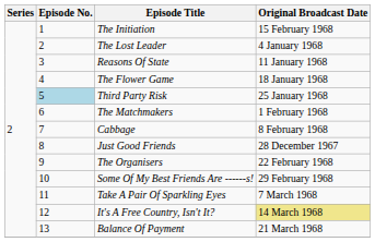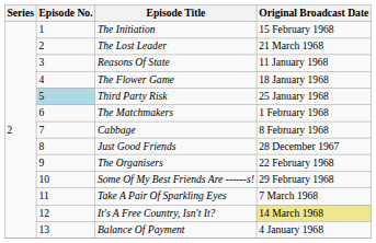 <table class="wikitable">
 <tr>
 <th>Series</th>
 <th>Episode No.</th>
 <th>Episode Title</th>
 <th>Original Broadcast Date</th>
 </tr>
 <tr>
 <td rowspan="13">2</td>
 <td>1</td>
 <td><em>The Initiation</em></td>
 <td>15 February 1968</td>
 </tr>
 <tr>
 <td>2</td>
 <td><em>The Lost Leader</em></td>
-<td>4 January 1968</td>
+<td>21 March 1968</td>
 </tr>
 <tr>
 <td>3</td>
 <td><em>Reasons Of State</em></td>
 <td>11 January 1968</td>
 </tr>
 <tr>
 <td>4</td>
 <td><em>The Flower Game</em></td>
 <td>18 January 1968</td>
 </tr>
 <tr>
 <td style="background: lightblue;">5</td>
 <td><em>Third Party Risk</em></td>
 <td>25 January 1968</td>
 </tr>
 <tr>
 <td>6</td>
 <td><em>The Matchmakers</em></td>
 <td>1 February 1968</td>
 </tr>
 <tr>
 <td>7</td>
 <td><em>Cabbage</em></td>
 <td>8 February 1968</td>
 </tr>
 <tr>
 <td>8</td>
 <td><em>Just Good Friends</em></td>
 <td>28 December 1967</td>
 </tr>
 <tr>
 <td>9</td>
 <td><em>The Organisers</em></td>
 <td>22 February 1968</td>
 </tr>
 <tr>
 <td>10</td>
 <td><em>Some Of My Best Friends Are ------s!</em></td>
 <td>29 February 1968</td>
 </tr>
 <tr>
 <td>11</td>
 <td><em>Take A Pair Of Sparkling Eyes</em></td>
 <td>7 March 1968</td>
 </tr>
 <tr>
 <td>12</td>
 <td><em>It's A Free Country, Isn't It?</em></td>
 <td style="background: khaki;">14 March 1968</td>
 </tr>
 <tr>
 <td>13</td>
 <td><em>Balance Of Payment</em></td>
-<td>21 March 1968</td>
+<td>4 January 1968</td>
 </tr>
 <tr>
 </tr>
 </table>
